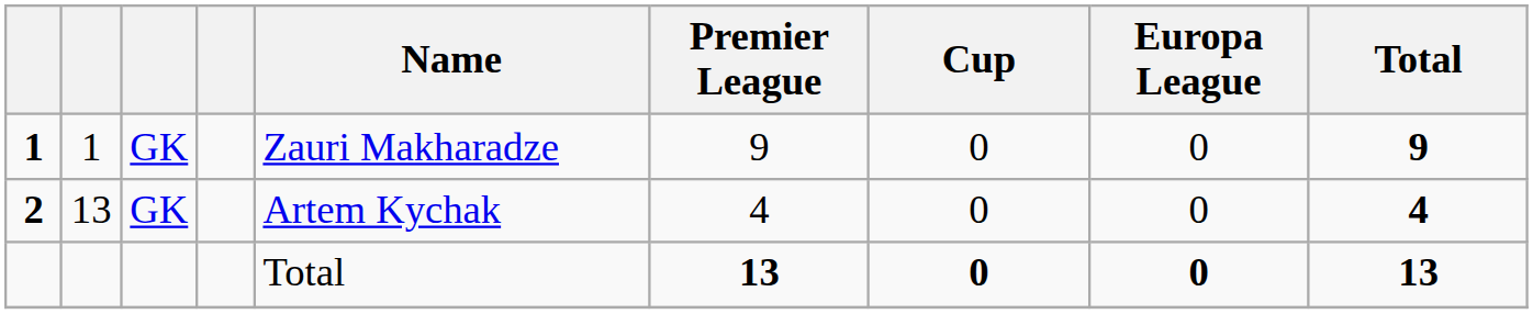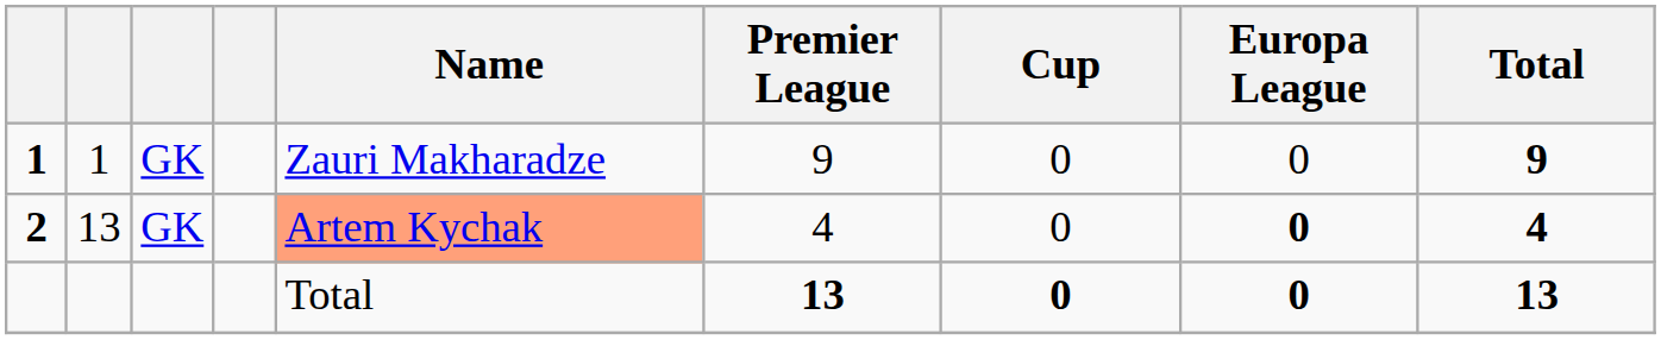 <table class="wikitable" style="text-align:center">
 <tr>
 <th width=15></th>
 <th width=15></th>
 <th width=15></th>
 <th width=15></th>
 <th width=150>Name</th>
 <th width=80><strong>Premier League</strong></th>
 <th width=80><strong>Cup</strong></th>
 <th width=80><strong>Europa League</strong></th>
 <th width=80>Total</th>
 </tr>
 <tr>
 <td><strong>1</strong></td>
 <td>1</td>
 <td><a href='#'>GK</a></td>
 <td></td>
 <td align=left><a href='#'>Zauri Makharadze</a></td>
 <td>9</td>
 <td>0</td>
 <td>0</td>
 <td><strong>9</strong></td>
 </tr>
 <tr>
 <td><strong>2</strong></td>
 <td>13</td>
 <td><a href='#'>GK</a></td>
 <td></td>
-<td align=left><a href='#'>Artem Kychak</a></td>
+<td align=left style="background: lightsalmon;"><a href='#'>Artem Kychak</a></td>
 <td>4</td>
 <td>0</td>
-<td>0</td>
+<td><strong>0</strong></td>
 <td><strong>4</strong></td>
 </tr>
 <tr>
 <td></td>
 <td></td>
 <td></td>
 <td></td>
 <td align=left>Total</td>
 <td><strong>13</strong></td>
 <td><strong>0</strong></td>
 <td><strong>0</strong></td>
 <td><strong>13</strong></td>
 </tr>
 <tr>
 </tr>
 </table>
